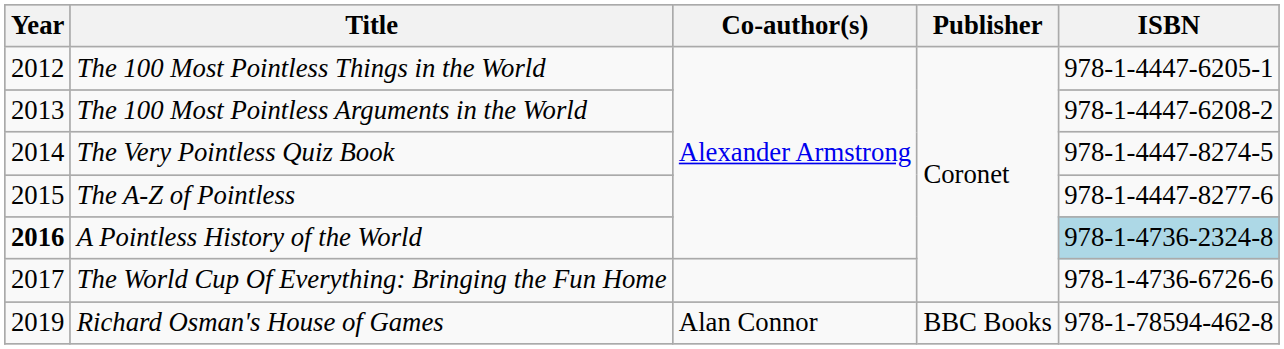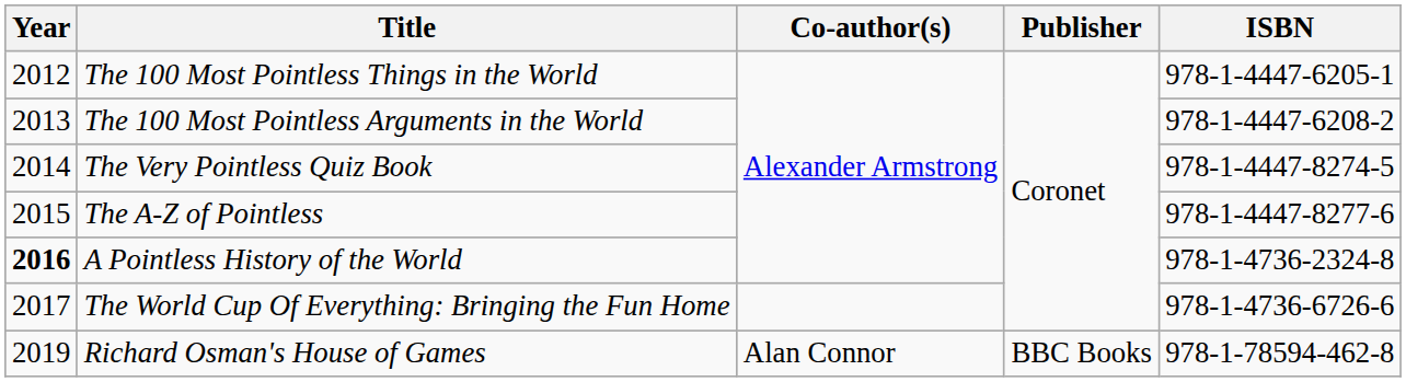 <table class="wikitable">
 <tr>
 <th>Year</th>
 <th>Title</th>
 <th>Co-author(s)</th>
 <th>Publisher</th>
 <th>ISBN</th>
 </tr>
 <tr>
 <td>2012</td>
 <td><em>The 100 Most Pointless Things in the World</em></td>
 <td rowspan="5"><a href='#'>Alexander Armstrong</a></td>
 <td rowspan="6">Coronet</td>
 <td>978-1-4447-6205-1</td>
 </tr>
 <tr>
 <td>2013</td>
 <td><em>The 100 Most Pointless Arguments in the World</em></td>
 <td>978-1-4447-6208-2</td>
 </tr>
 <tr>
 <td>2014</td>
 <td><em>The Very Pointless Quiz Book</em></td>
 <td>978-1-4447-8274-5</td>
 </tr>
 <tr>
 <td>2015</td>
 <td><em>The A-Z of Pointless</em></td>
 <td>978-1-4447-8277-6</td>
 </tr>
 <tr>
 <td><strong>2016</strong></td>
 <td><em>A Pointless History of the World</em></td>
-<td style="background: lightblue;">978-1-4736-2324-8</td>
+<td>978-1-4736-2324-8</td>
 </tr>
 <tr>
 <td>2017</td>
 <td><em>The World Cup Of Everything: Bringing the Fun Home</em></td>
 <td></td>
 <td>978-1-4736-6726-6</td>
 </tr>
 <tr>
 <td>2019</td>
 <td><em>Richard Osman's House of Games</em></td>
 <td>Alan Connor</td>
 <td>BBC Books</td>
 <td>978-1-78594-462-8</td>
 </tr>
 </table>
